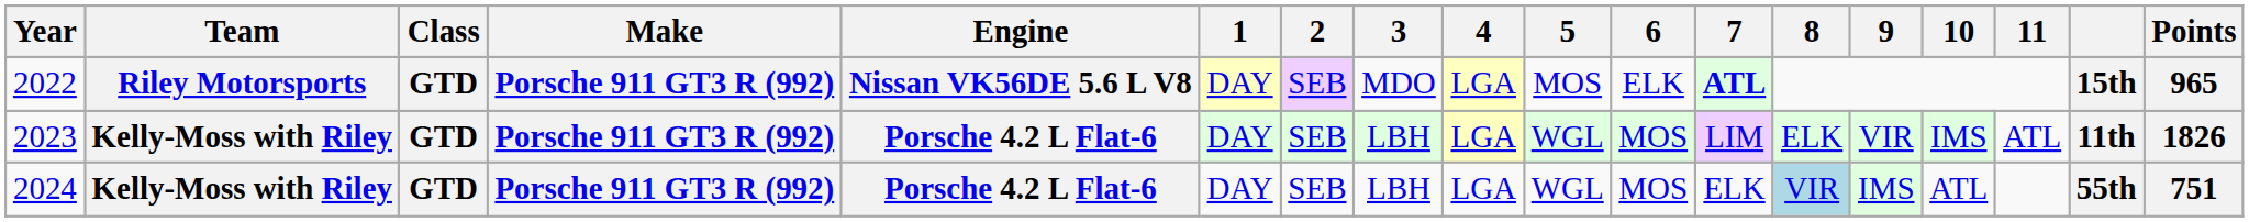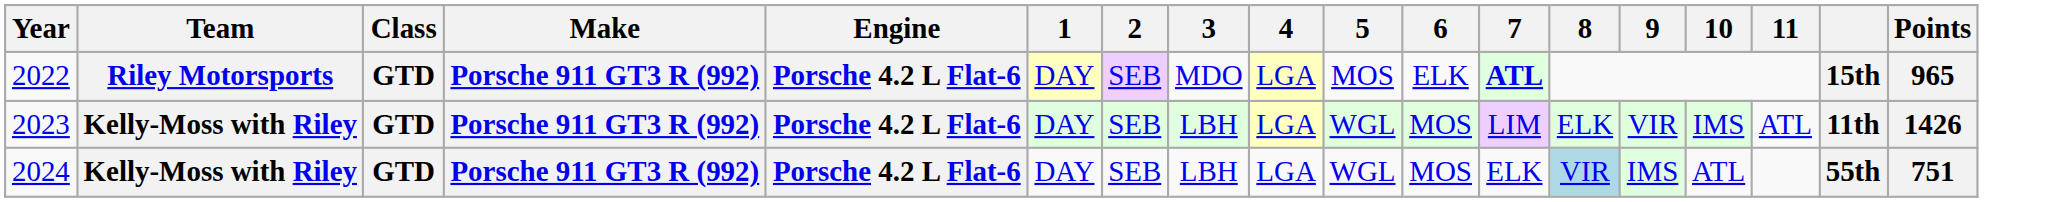 <table class="wikitable" style="text-align:center; font-size:85%">
 <tr>
 <th>Year</th>
 <th>Team</th>
 <th>Class</th>
 <th>Make</th>
 <th>Engine</th>
 <th>1</th>
 <th>2</th>
 <th>3</th>
 <th>4</th>
 <th>5</th>
 <th>6</th>
 <th>7</th>
 <th>8</th>
 <th>9</th>
 <th>10</th>
 <th>11</th>
 <th></th>
 <th>Points</th>
 </tr>
 <tr>
 <td><a href='#'>2022</a></td>
 <th nowrap><a href='#'>Riley Motorsports</a></th>
 <th>GTD</th>
 <th nowrap><a href='#'>Porsche 911 GT3 R (992)</a></th>
-<th nowrap><a href='#'>Nissan VK56DE</a> 5.6 L V8</th>
+<th nowrap><a href='#'>Porsche</a> 4.2 L <a href='#'>Flat-6</a></th>
 <td style="background:#FFFFBF;"><a href='#'>DAY</a><br></td>
 <td style="background:#EFCFFF;"><a href='#'>SEB</a><br></td>
 <td style="background:#;"><a href='#'>MDO</a></td>
 <td style="background:#FFFFBF;"><a href='#'>LGA</a><br></td>
 <td style="background:#;"><a href='#'>MOS</a></td>
 <td style="background:#;"><a href='#'>ELK</a></td>
 <td style="background:#DFFFDF;"><strong><a href='#'>ATL</a></strong><br></td>
 <td colspan=4></td>
 <th>15th</th>
 <th>965</th>
 </tr>
 <tr>
 <td><a href='#'>2023</a></td>
 <th nowrap>Kelly-Moss with <a href='#'>Riley</a></th>
 <th>GTD</th>
 <th nowrap><a href='#'>Porsche 911 GT3 R (992)</a></th>
 <th nowrap><a href='#'>Porsche</a> 4.2 L <a href='#'>Flat-6</a></th>
 <td style="background:#DFFFDF;"><a href='#'>DAY</a><br></td>
 <td style="background:#DFFFDF;"><a href='#'>SEB</a><br></td>
 <td style="background:#DFFFDF;"><a href='#'>LBH</a><br></td>
 <td style="background:#FFFFBF;"><a href='#'>LGA</a><br></td>
 <td style="background:#DFFFDF;"><a href='#'>WGL</a><br></td>
 <td style="background:#DFFFDF;"><a href='#'>MOS</a><br></td>
 <td style="background:#EFCFFF;”"><a href='#'>LIM</a><br></td>
 <td style="background:#DFFFDF;"><a href='#'>ELK</a><br></td>
 <td style="background:#DFFFDF;"><a href='#'>VIR</a><br></td>
 <td style="background:#DFFFDF;"><a href='#'>IMS</a><br></td>
 <td style="background:#;"><a href='#'>ATL</a></td>
 <th>11th</th>
-<th>1826</th>
+<th>1426</th>
 </tr>
 <tr>
 <td><a href='#'>2024</a></td>
 <th nowrap>Kelly-Moss with <a href='#'>Riley</a></th>
 <th>GTD</th>
 <th nowrap><a href='#'>Porsche 911 GT3 R (992)</a></th>
 <th nowrap><a href='#'>Porsche</a> 4.2 L <a href='#'>Flat-6</a></th>
 <td><a href='#'>DAY</a></td>
 <td><a href='#'>SEB</a></td>
 <td><a href='#'>LBH</a></td>
 <td><a href='#'>LGA</a></td>
 <td><a href='#'>WGL</a></td>
 <td><a href='#'>MOS</a></td>
 <td><a href='#'>ELK</a></td>
 <td style="background: lightblue;"><a href='#'>VIR</a></td>
 <td style="background:#DFFFDF;"><a href='#'>IMS</a><br></td>
 <td><a href='#'>ATL</a></td>
 <td></td>
 <th>55th</th>
 <th>751</th>
 </tr>
 </table>
